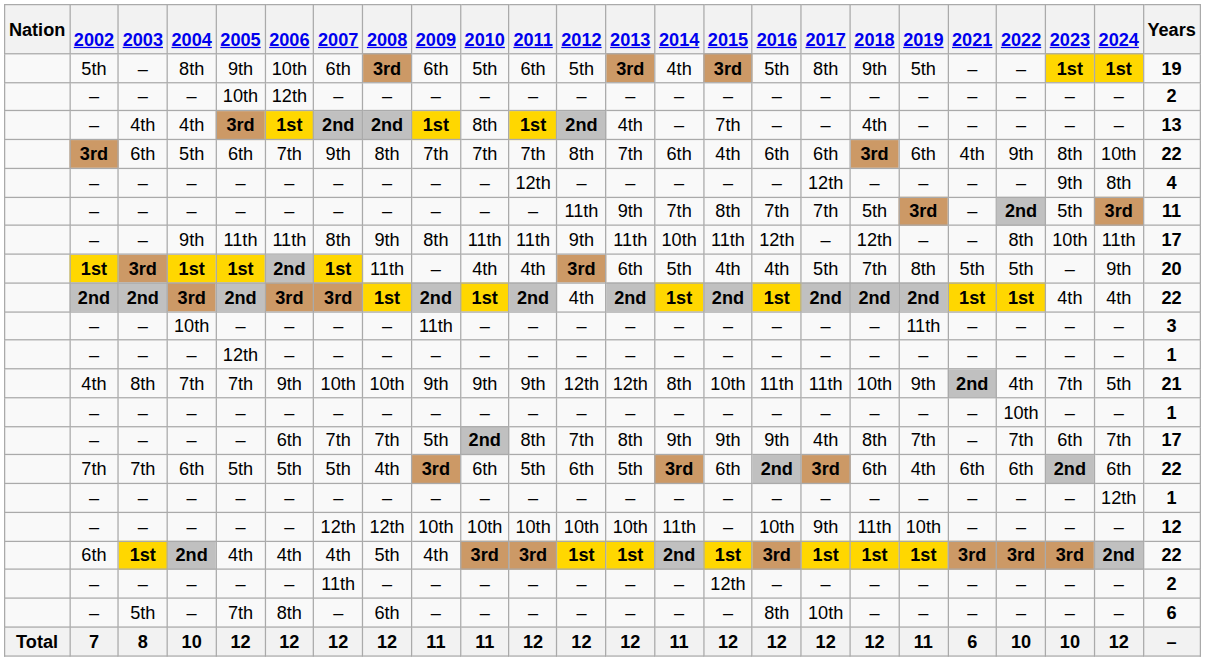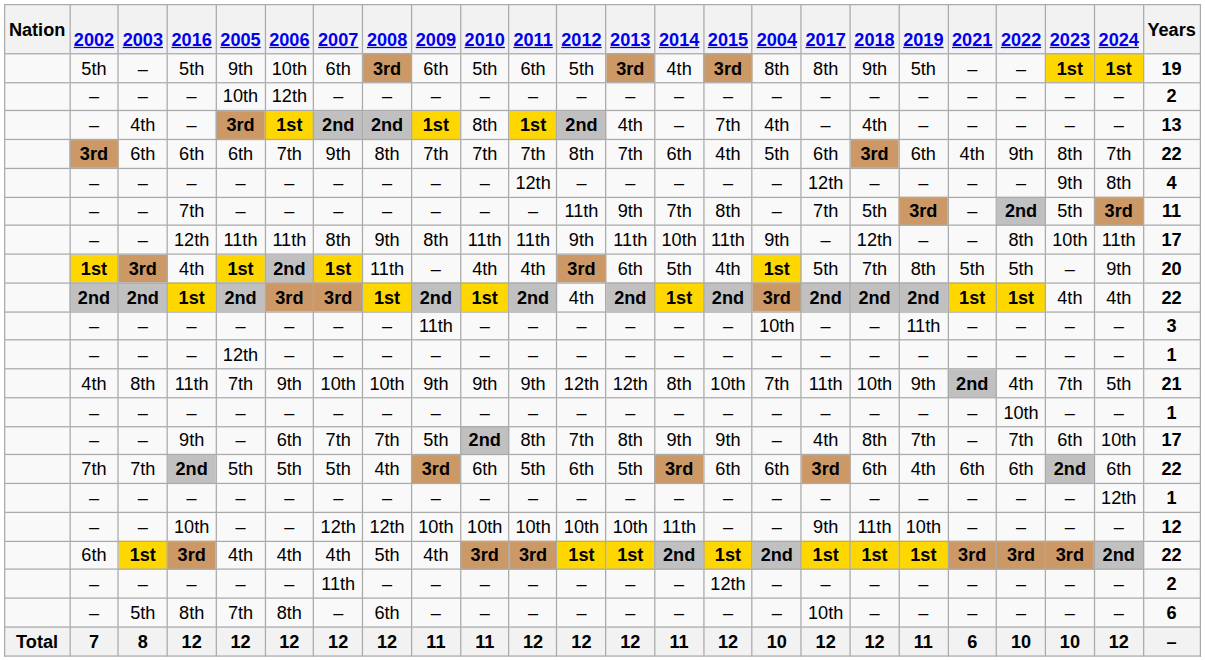 <table class="wikitable" style="text-align:center; font-size:90%">
 <tr>
 <th>Nation</th>
 <th><br><a href='#'>2002</a></th>
 <th><br><a href='#'>2003</a></th>
-<th><br><a href='#'>2004</a></th>
+<th><br><a href='#'>2016</a></th>
 <th><br><a href='#'>2005</a></th>
 <th><br><a href='#'>2006</a></th>
 <th><br><a href='#'>2007</a></th>
 <th><br><a href='#'>2008</a></th>
 <th><br><a href='#'>2009</a></th>
 <th><br><a href='#'>2010</a></th>
 <th><br><a href='#'>2011</a></th>
 <th><br><a href='#'>2012</a></th>
 <th><br><a href='#'>2013</a></th>
 <th><br><a href='#'>2014</a></th>
 <th><br><a href='#'>2015</a></th>
-<th><br><a href='#'>2016</a></th>
+<th><br><a href='#'>2004</a></th>
 <th><br><a href='#'>2017</a></th>
 <th><br><a href='#'>2018</a></th>
 <th><br><a href='#'>2019</a></th>
 <th><br><a href='#'>2021</a></th>
 <th><br><a href='#'>2022</a></th>
 <th><br><a href='#'>2023</a></th>
 <th><br><a href='#'>2024</a></th>
 <th>Years</th>
 </tr>
 <tr>
 <td align=left></td>
 <td>5th</td>
 <td>–</td>
-<td>8th</td>
+<td>5th</td>
 <td>9th</td>
 <td>10th</td>
 <td>6th</td>
 <td bgcolor=#cc9966><strong>3rd</strong></td>
 <td>6th</td>
 <td>5th</td>
 <td>6th</td>
 <td>5th</td>
 <td bgcolor=#cc9966><strong>3rd</strong></td>
 <td>4th</td>
 <td bgcolor=#cc9966><strong>3rd</strong></td>
-<td>5th</td>
+<td>8th</td>
 <td>8th</td>
 <td>9th</td>
 <td>5th</td>
 <td>–</td>
 <td>–</td>
 <td bgcolor=gold><strong>1st</strong></td>
 <td bgcolor=gold><strong>1st</strong></td>
 <td><strong>19</strong></td>
 </tr>
 <tr>
 <td align=left></td>
 <td>–</td>
 <td>–</td>
 <td>–</td>
 <td>10th</td>
 <td>12th</td>
 <td>–</td>
 <td>–</td>
 <td>–</td>
 <td>–</td>
 <td>–</td>
 <td>–</td>
 <td>–</td>
 <td>–</td>
 <td>–</td>
 <td>–</td>
 <td>–</td>
 <td>–</td>
 <td>–</td>
 <td>–</td>
 <td>–</td>
 <td>–</td>
 <td>–</td>
 <td><strong>2</strong></td>
 </tr>
 <tr>
 <td align=left></td>
 <td>–</td>
 <td>4th</td>
-<td>4th</td>
+<td>–</td>
 <td bgcolor=#cc9966><strong>3rd</strong></td>
 <td bgcolor=gold><strong>1st</strong></td>
 <td bgcolor=silver><strong>2nd</strong></td>
 <td bgcolor=silver><strong>2nd</strong></td>
 <td bgcolor=gold><strong>1st</strong></td>
 <td>8th</td>
 <td bgcolor=gold><strong>1st</strong></td>
 <td bgcolor=silver><strong>2nd</strong></td>
 <td>4th</td>
 <td>–</td>
 <td>7th</td>
-<td>–</td>
+<td>4th</td>
 <td>–</td>
 <td>4th</td>
 <td>–</td>
 <td>–</td>
 <td>–</td>
 <td>–</td>
 <td>–</td>
 <td><strong>13</strong></td>
 </tr>
 <tr>
 <td align=left></td>
 <td bgcolor=#cc9966><strong>3rd</strong></td>
 <td>6th</td>
-<td>5th</td>
+<td>6th</td>
 <td>6th</td>
 <td>7th</td>
 <td>9th</td>
 <td>8th</td>
 <td>7th</td>
 <td>7th</td>
 <td>7th</td>
 <td>8th</td>
 <td>7th</td>
 <td>6th</td>
 <td>4th</td>
-<td>6th</td>
+<td>5th</td>
 <td>6th</td>
 <td bgcolor=#cc9966><strong>3rd</strong></td>
 <td>6th</td>
 <td>4th</td>
 <td>9th</td>
 <td>8th</td>
-<td>10th</td>
+<td>7th</td>
 <td><strong>22</strong></td>
 </tr>
 <tr>
 <td align=left></td>
 <td>–</td>
 <td>–</td>
 <td>–</td>
 <td>–</td>
 <td>–</td>
 <td>–</td>
 <td>–</td>
 <td>–</td>
 <td>–</td>
 <td>12th</td>
 <td>–</td>
 <td>–</td>
 <td>–</td>
 <td>–</td>
 <td>–</td>
 <td>12th</td>
 <td>–</td>
 <td>–</td>
 <td>–</td>
 <td>–</td>
 <td>9th</td>
 <td>8th</td>
 <td><strong>4</strong></td>
 </tr>
 <tr>
 <td align=left></td>
 <td>–</td>
 <td>–</td>
-<td>–</td>
+<td>7th</td>
 <td>–</td>
 <td>–</td>
 <td>–</td>
 <td>–</td>
 <td>–</td>
 <td>–</td>
 <td>–</td>
 <td>11th</td>
 <td>9th</td>
 <td>7th</td>
 <td>8th</td>
-<td>7th</td>
+<td>–</td>
 <td>7th</td>
 <td>5th</td>
 <td bgcolor=#cc9966><strong>3rd</strong></td>
 <td>–</td>
 <td bgcolor=silver><strong>2nd</strong></td>
 <td>5th</td>
 <td bgcolor=#cc9966><strong>3rd</strong></td>
 <td><strong>11</strong></td>
 </tr>
 <tr>
 <td align=left></td>
 <td>–</td>
 <td>–</td>
-<td>9th</td>
+<td>12th</td>
 <td>11th</td>
 <td>11th</td>
 <td>8th</td>
 <td>9th</td>
 <td>8th</td>
 <td>11th</td>
 <td>11th</td>
 <td>9th</td>
 <td>11th</td>
 <td>10th</td>
 <td>11th</td>
-<td>12th</td>
+<td>9th</td>
 <td>–</td>
 <td>12th</td>
 <td>–</td>
 <td>–</td>
 <td>8th</td>
 <td>10th</td>
 <td>11th</td>
 <td><strong>17</strong></td>
 </tr>
 <tr>
 <td align=left></td>
 <td bgcolor=gold><strong>1st</strong></td>
 <td bgcolor=#cc9966><strong>3rd</strong></td>
-<td bgcolor=gold><strong>1st</strong></td>
+<td>4th</td>
 <td bgcolor=gold><strong>1st</strong></td>
 <td bgcolor=silver><strong>2nd</strong></td>
 <td bgcolor=gold><strong>1st</strong></td>
 <td>11th</td>
 <td>–</td>
 <td>4th</td>
 <td>4th</td>
 <td bgcolor=#cc9966><strong>3rd</strong></td>
 <td>6th</td>
 <td>5th</td>
 <td>4th</td>
-<td>4th</td>
+<td bgcolor=gold><strong>1st</strong></td>
 <td>5th</td>
 <td>7th</td>
 <td>8th</td>
 <td>5th</td>
 <td>5th</td>
 <td>–</td>
 <td>9th</td>
 <td><strong>20</strong></td>
 </tr>
 <tr>
 <td align=left></td>
 <td bgcolor=silver><strong>2nd</strong></td>
 <td bgcolor=silver><strong>2nd</strong></td>
-<td bgcolor=#cc9966><strong>3rd</strong></td>
+<td bgcolor=gold><strong>1st</strong></td>
 <td bgcolor=silver><strong>2nd</strong></td>
 <td bgcolor=#cc9966><strong>3rd</strong></td>
 <td bgcolor=#cc9966><strong>3rd</strong></td>
 <td bgcolor=gold><strong>1st</strong></td>
 <td bgcolor=silver><strong>2nd</strong></td>
 <td bgcolor=gold><strong>1st</strong></td>
 <td bgcolor=silver><strong>2nd</strong></td>
 <td>4th</td>
 <td bgcolor=silver><strong>2nd</strong></td>
 <td bgcolor=gold><strong>1st</strong></td>
 <td bgcolor=silver><strong>2nd</strong></td>
-<td bgcolor=gold><strong>1st</strong></td>
+<td bgcolor=#cc9966><strong>3rd</strong></td>
 <td bgcolor=silver><strong>2nd</strong></td>
 <td bgcolor=silver><strong>2nd</strong></td>
 <td bgcolor=silver><strong>2nd</strong></td>
 <td bgcolor=gold><strong>1st</strong></td>
 <td bgcolor=gold><strong>1st</strong></td>
 <td>4th</td>
 <td>4th</td>
 <td><strong>22</strong></td>
 </tr>
 <tr>
 <td align=left></td>
 <td>–</td>
 <td>–</td>
-<td>10th</td>
+<td>–</td>
 <td>–</td>
 <td>–</td>
 <td>–</td>
 <td>–</td>
 <td>11th</td>
 <td>–</td>
 <td>–</td>
 <td>–</td>
 <td>–</td>
 <td>–</td>
 <td>–</td>
-<td>–</td>
+<td>10th</td>
 <td>–</td>
 <td>–</td>
 <td>11th</td>
 <td>–</td>
 <td>–</td>
 <td>–</td>
 <td>–</td>
 <td><strong>3</strong></td>
 </tr>
 <tr>
 <td align=left></td>
 <td>–</td>
 <td>–</td>
 <td>–</td>
 <td>12th</td>
 <td>–</td>
 <td>–</td>
 <td>–</td>
 <td>–</td>
 <td>–</td>
 <td>–</td>
 <td>–</td>
 <td>–</td>
 <td>–</td>
 <td>–</td>
 <td>–</td>
 <td>–</td>
 <td>–</td>
 <td>–</td>
 <td>–</td>
 <td>–</td>
 <td>–</td>
 <td>–</td>
 <td><strong>1</strong></td>
 </tr>
 <tr>
 <td align=left></td>
 <td>4th</td>
 <td>8th</td>
-<td>7th</td>
+<td>11th</td>
 <td>7th</td>
 <td>9th</td>
 <td>10th</td>
 <td>10th</td>
 <td>9th</td>
 <td>9th</td>
 <td>9th</td>
 <td>12th</td>
 <td>12th</td>
 <td>8th</td>
 <td>10th</td>
-<td>11th</td>
+<td>7th</td>
 <td>11th</td>
 <td>10th</td>
 <td>9th</td>
 <td bgcolor=silver><strong>2nd</strong></td>
 <td>4th</td>
 <td>7th</td>
 <td>5th</td>
 <td><strong>21</strong></td>
 </tr>
 <tr>
 <td align=left></td>
 <td>–</td>
 <td>–</td>
 <td>–</td>
 <td>–</td>
 <td>–</td>
 <td>–</td>
 <td>–</td>
 <td>–</td>
 <td>–</td>
 <td>–</td>
 <td>–</td>
 <td>–</td>
 <td>–</td>
 <td>–</td>
 <td>–</td>
 <td>–</td>
 <td>–</td>
 <td>–</td>
 <td>–</td>
 <td>10th</td>
 <td>–</td>
 <td>–</td>
 <td><strong>1</strong></td>
 </tr>
 <tr>
 <td align=left></td>
 <td>–</td>
 <td>–</td>
-<td>–</td>
+<td>9th</td>
 <td>–</td>
 <td>6th</td>
 <td>7th</td>
 <td>7th</td>
 <td>5th</td>
 <td bgcolor=silver><strong>2nd</strong></td>
 <td>8th</td>
 <td>7th</td>
 <td>8th</td>
 <td>9th</td>
 <td>9th</td>
-<td>9th</td>
+<td>–</td>
 <td>4th</td>
 <td>8th</td>
 <td>7th</td>
 <td>–</td>
 <td>7th</td>
 <td>6th</td>
-<td>7th</td>
+<td>10th</td>
 <td><strong>17</strong></td>
 </tr>
 <tr>
 <td align=left></td>
 <td>7th</td>
 <td>7th</td>
-<td>6th</td>
+<td bgcolor=silver><strong>2nd</strong></td>
 <td>5th</td>
 <td>5th</td>
 <td>5th</td>
 <td>4th</td>
 <td bgcolor=#cc9966><strong>3rd</strong></td>
 <td>6th</td>
 <td>5th</td>
 <td>6th</td>
 <td>5th</td>
 <td bgcolor=#cc9966><strong>3rd</strong></td>
 <td>6th</td>
-<td bgcolor=silver><strong>2nd</strong></td>
+<td>6th</td>
 <td bgcolor=#cc9966><strong>3rd</strong></td>
 <td>6th</td>
 <td>4th</td>
 <td>6th</td>
 <td>6th</td>
 <td bgcolor=silver><strong>2nd</strong></td>
 <td>6th</td>
 <td><strong>22</strong></td>
 </tr>
 <tr>
 <td align=left></td>
 <td>–</td>
 <td>–</td>
 <td>–</td>
 <td>–</td>
 <td>–</td>
 <td>–</td>
 <td>–</td>
 <td>–</td>
 <td>–</td>
 <td>–</td>
 <td>–</td>
 <td>–</td>
 <td>–</td>
 <td>–</td>
 <td>–</td>
 <td>–</td>
 <td>–</td>
 <td>–</td>
 <td>–</td>
 <td>–</td>
 <td>–</td>
 <td>12th</td>
 <td><strong>1</strong></td>
 </tr>
 <tr>
 <td align=left></td>
 <td>–</td>
 <td>–</td>
-<td>–</td>
+<td>10th</td>
 <td>–</td>
 <td>–</td>
 <td>12th</td>
 <td>12th</td>
 <td>10th</td>
 <td>10th</td>
 <td>10th</td>
 <td>10th</td>
 <td>10th</td>
 <td>11th</td>
 <td>–</td>
-<td>10th</td>
+<td>–</td>
 <td>9th</td>
 <td>11th</td>
 <td>10th</td>
 <td>–</td>
 <td>–</td>
 <td>–</td>
 <td>–</td>
 <td><strong>12</strong></td>
 </tr>
 <tr>
 <td align=left></td>
 <td>6th</td>
 <td bgcolor=gold><strong>1st</strong></td>
-<td bgcolor=silver><strong>2nd</strong></td>
+<td bgcolor=#cc9966><strong>3rd</strong></td>
 <td>4th</td>
 <td>4th</td>
 <td>4th</td>
 <td>5th</td>
 <td>4th</td>
 <td bgcolor=#cc9966><strong>3rd</strong></td>
 <td bgcolor=#cc9966><strong>3rd</strong></td>
 <td bgcolor=gold><strong>1st</strong></td>
 <td bgcolor=gold><strong>1st</strong></td>
 <td bgcolor=silver><strong>2nd</strong></td>
 <td bgcolor=gold><strong>1st</strong></td>
-<td bgcolor=#cc9966><strong>3rd</strong></td>
+<td bgcolor=silver><strong>2nd</strong></td>
 <td bgcolor=gold><strong>1st</strong></td>
 <td bgcolor=gold><strong>1st</strong></td>
 <td bgcolor=gold><strong>1st</strong></td>
 <td bgcolor=#cc9966><strong>3rd</strong></td>
 <td bgcolor=#cc9966><strong>3rd</strong></td>
 <td bgcolor=#cc9966><strong>3rd</strong></td>
 <td bgcolor=silver><strong>2nd</strong></td>
 <td><strong>22</strong></td>
 </tr>
 <tr>
 <td align=left></td>
 <td>–</td>
 <td>–</td>
 <td>–</td>
 <td>–</td>
 <td>–</td>
 <td>11th</td>
 <td>–</td>
 <td>–</td>
 <td>–</td>
 <td>–</td>
 <td>–</td>
 <td>–</td>
 <td>–</td>
 <td>12th</td>
 <td>–</td>
 <td>–</td>
 <td>–</td>
 <td>–</td>
 <td>–</td>
 <td>–</td>
 <td>–</td>
 <td>–</td>
 <td><strong>2</strong></td>
 </tr>
 <tr>
 <td align=left></td>
 <td>–</td>
 <td>5th</td>
-<td>–</td>
+<td>8th</td>
 <td>7th</td>
 <td>8th</td>
 <td>–</td>
 <td>6th</td>
 <td>–</td>
 <td>–</td>
 <td>–</td>
 <td>–</td>
 <td>–</td>
 <td>–</td>
 <td>–</td>
-<td>8th</td>
+<td>–</td>
 <td>10th</td>
 <td>–</td>
 <td>–</td>
 <td>–</td>
 <td>–</td>
 <td>–</td>
 <td>–</td>
 <td><strong>6</strong></td>
 </tr>
 <tr>
 <th>Total</th>
 <th>7</th>
 <th>8</th>
-<th>10</th>
+<th>12</th>
 <th>12</th>
 <th>12</th>
 <th>12</th>
 <th>12</th>
 <th>11</th>
 <th>11</th>
 <th>12</th>
 <th>12</th>
 <th>12</th>
 <th>11</th>
 <th>12</th>
-<th>12</th>
+<th>10</th>
 <th>12</th>
 <th>12</th>
 <th>11</th>
 <th>6</th>
 <th>10</th>
 <th>10</th>
 <th>12</th>
 <th>–</th>
 </tr>
 </table>
